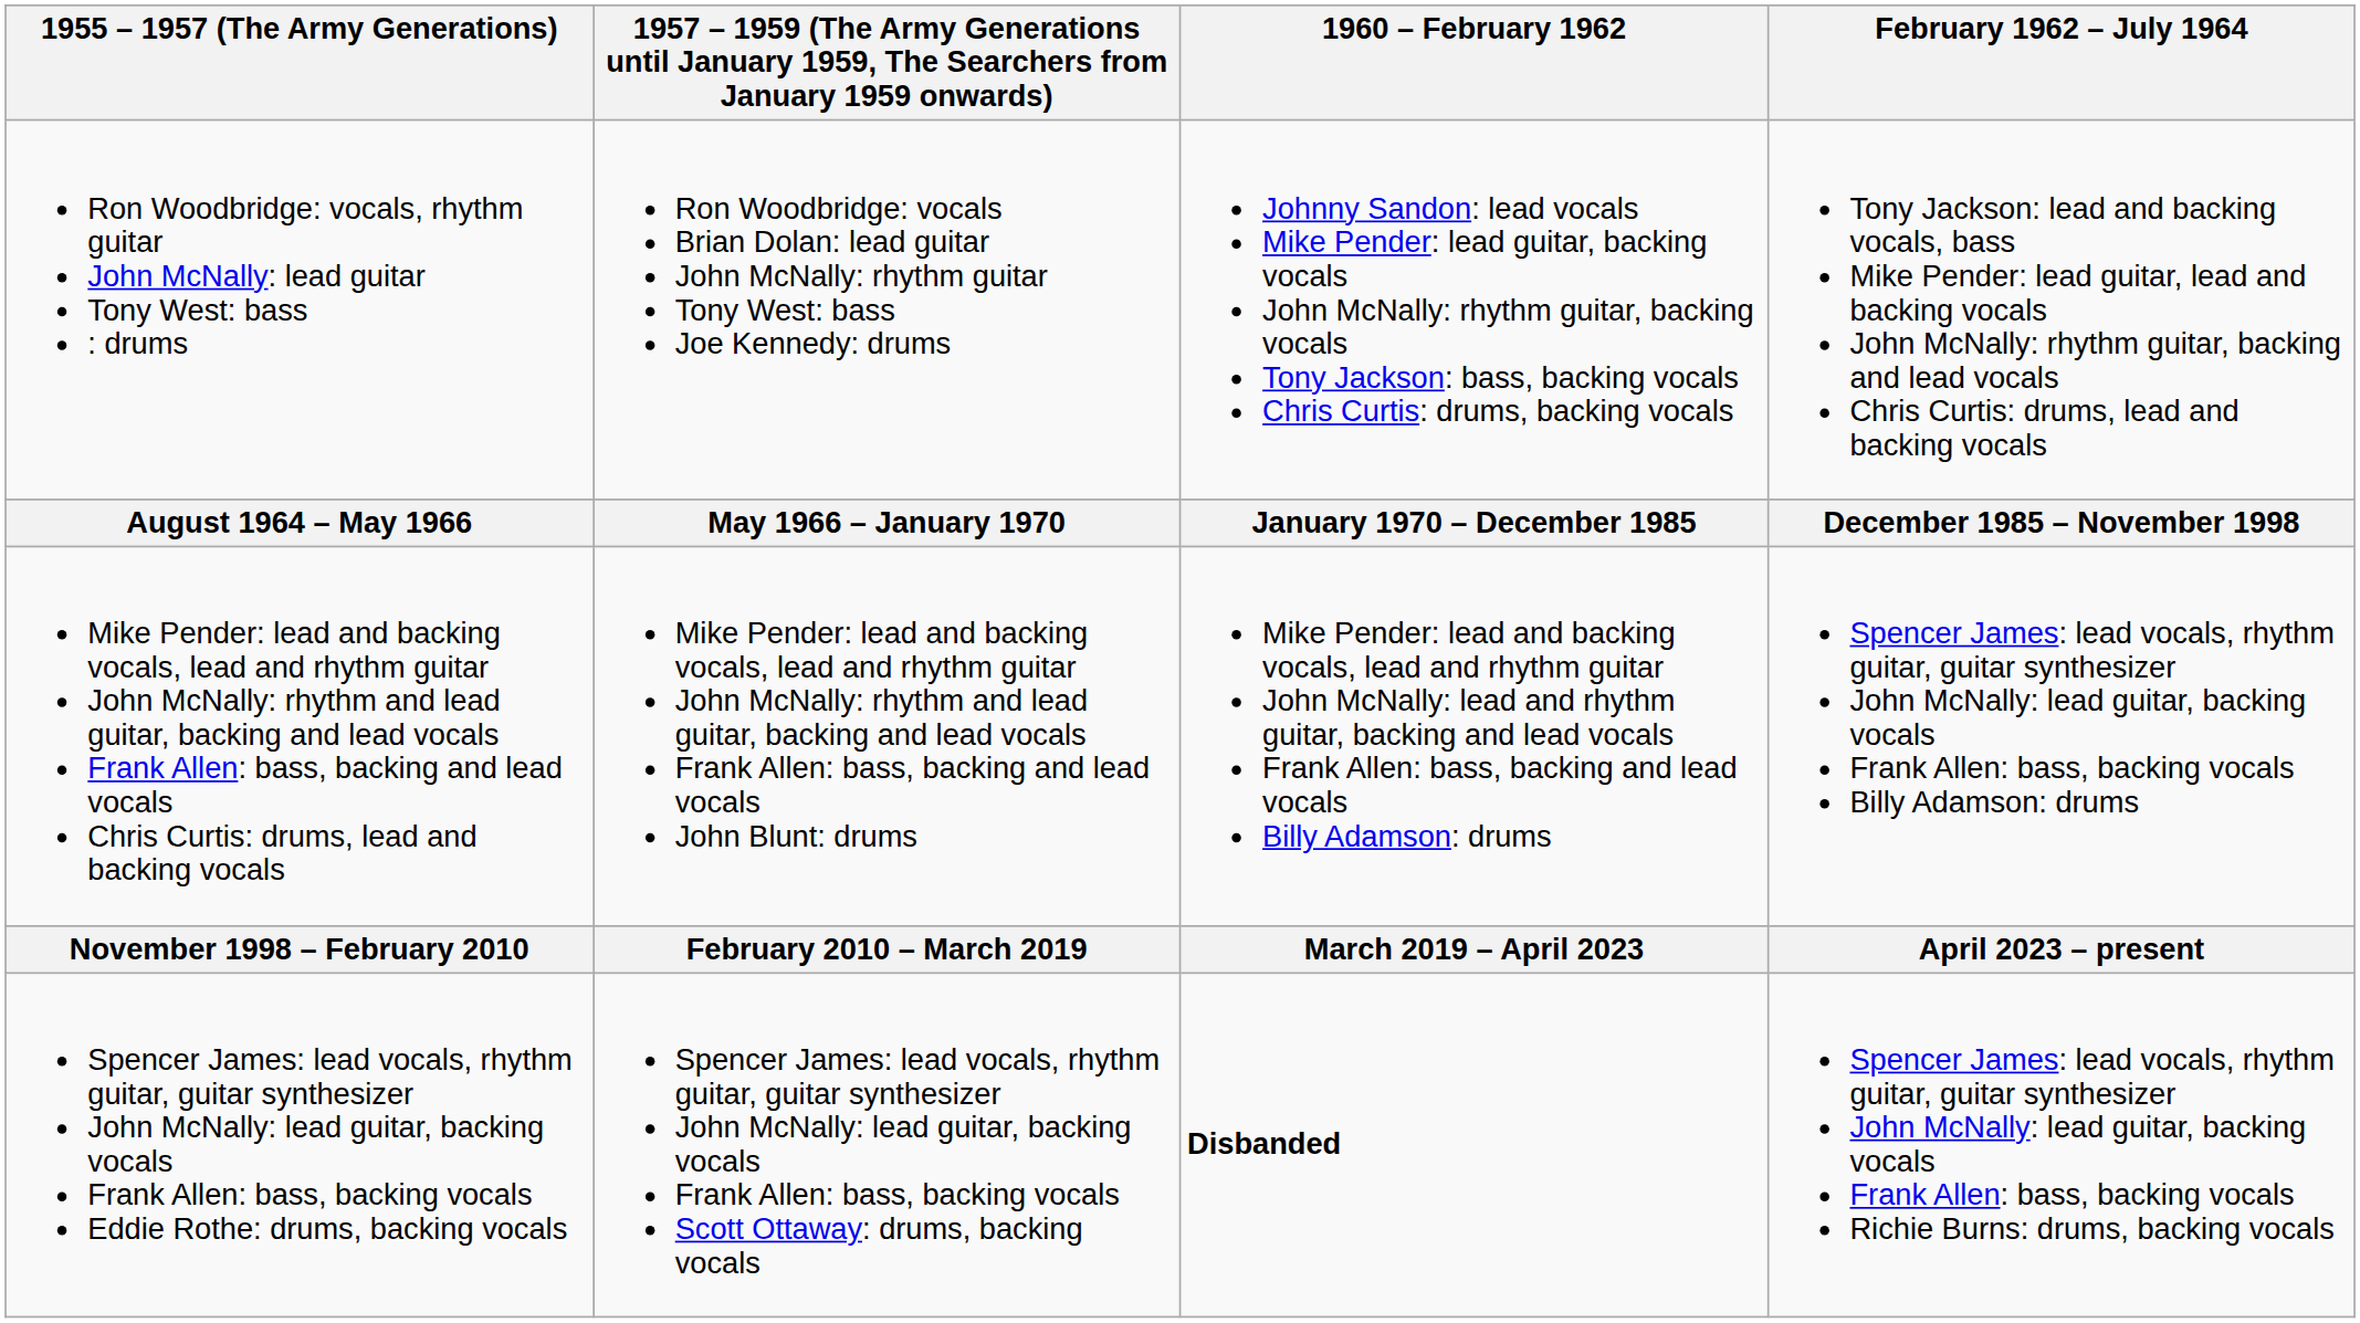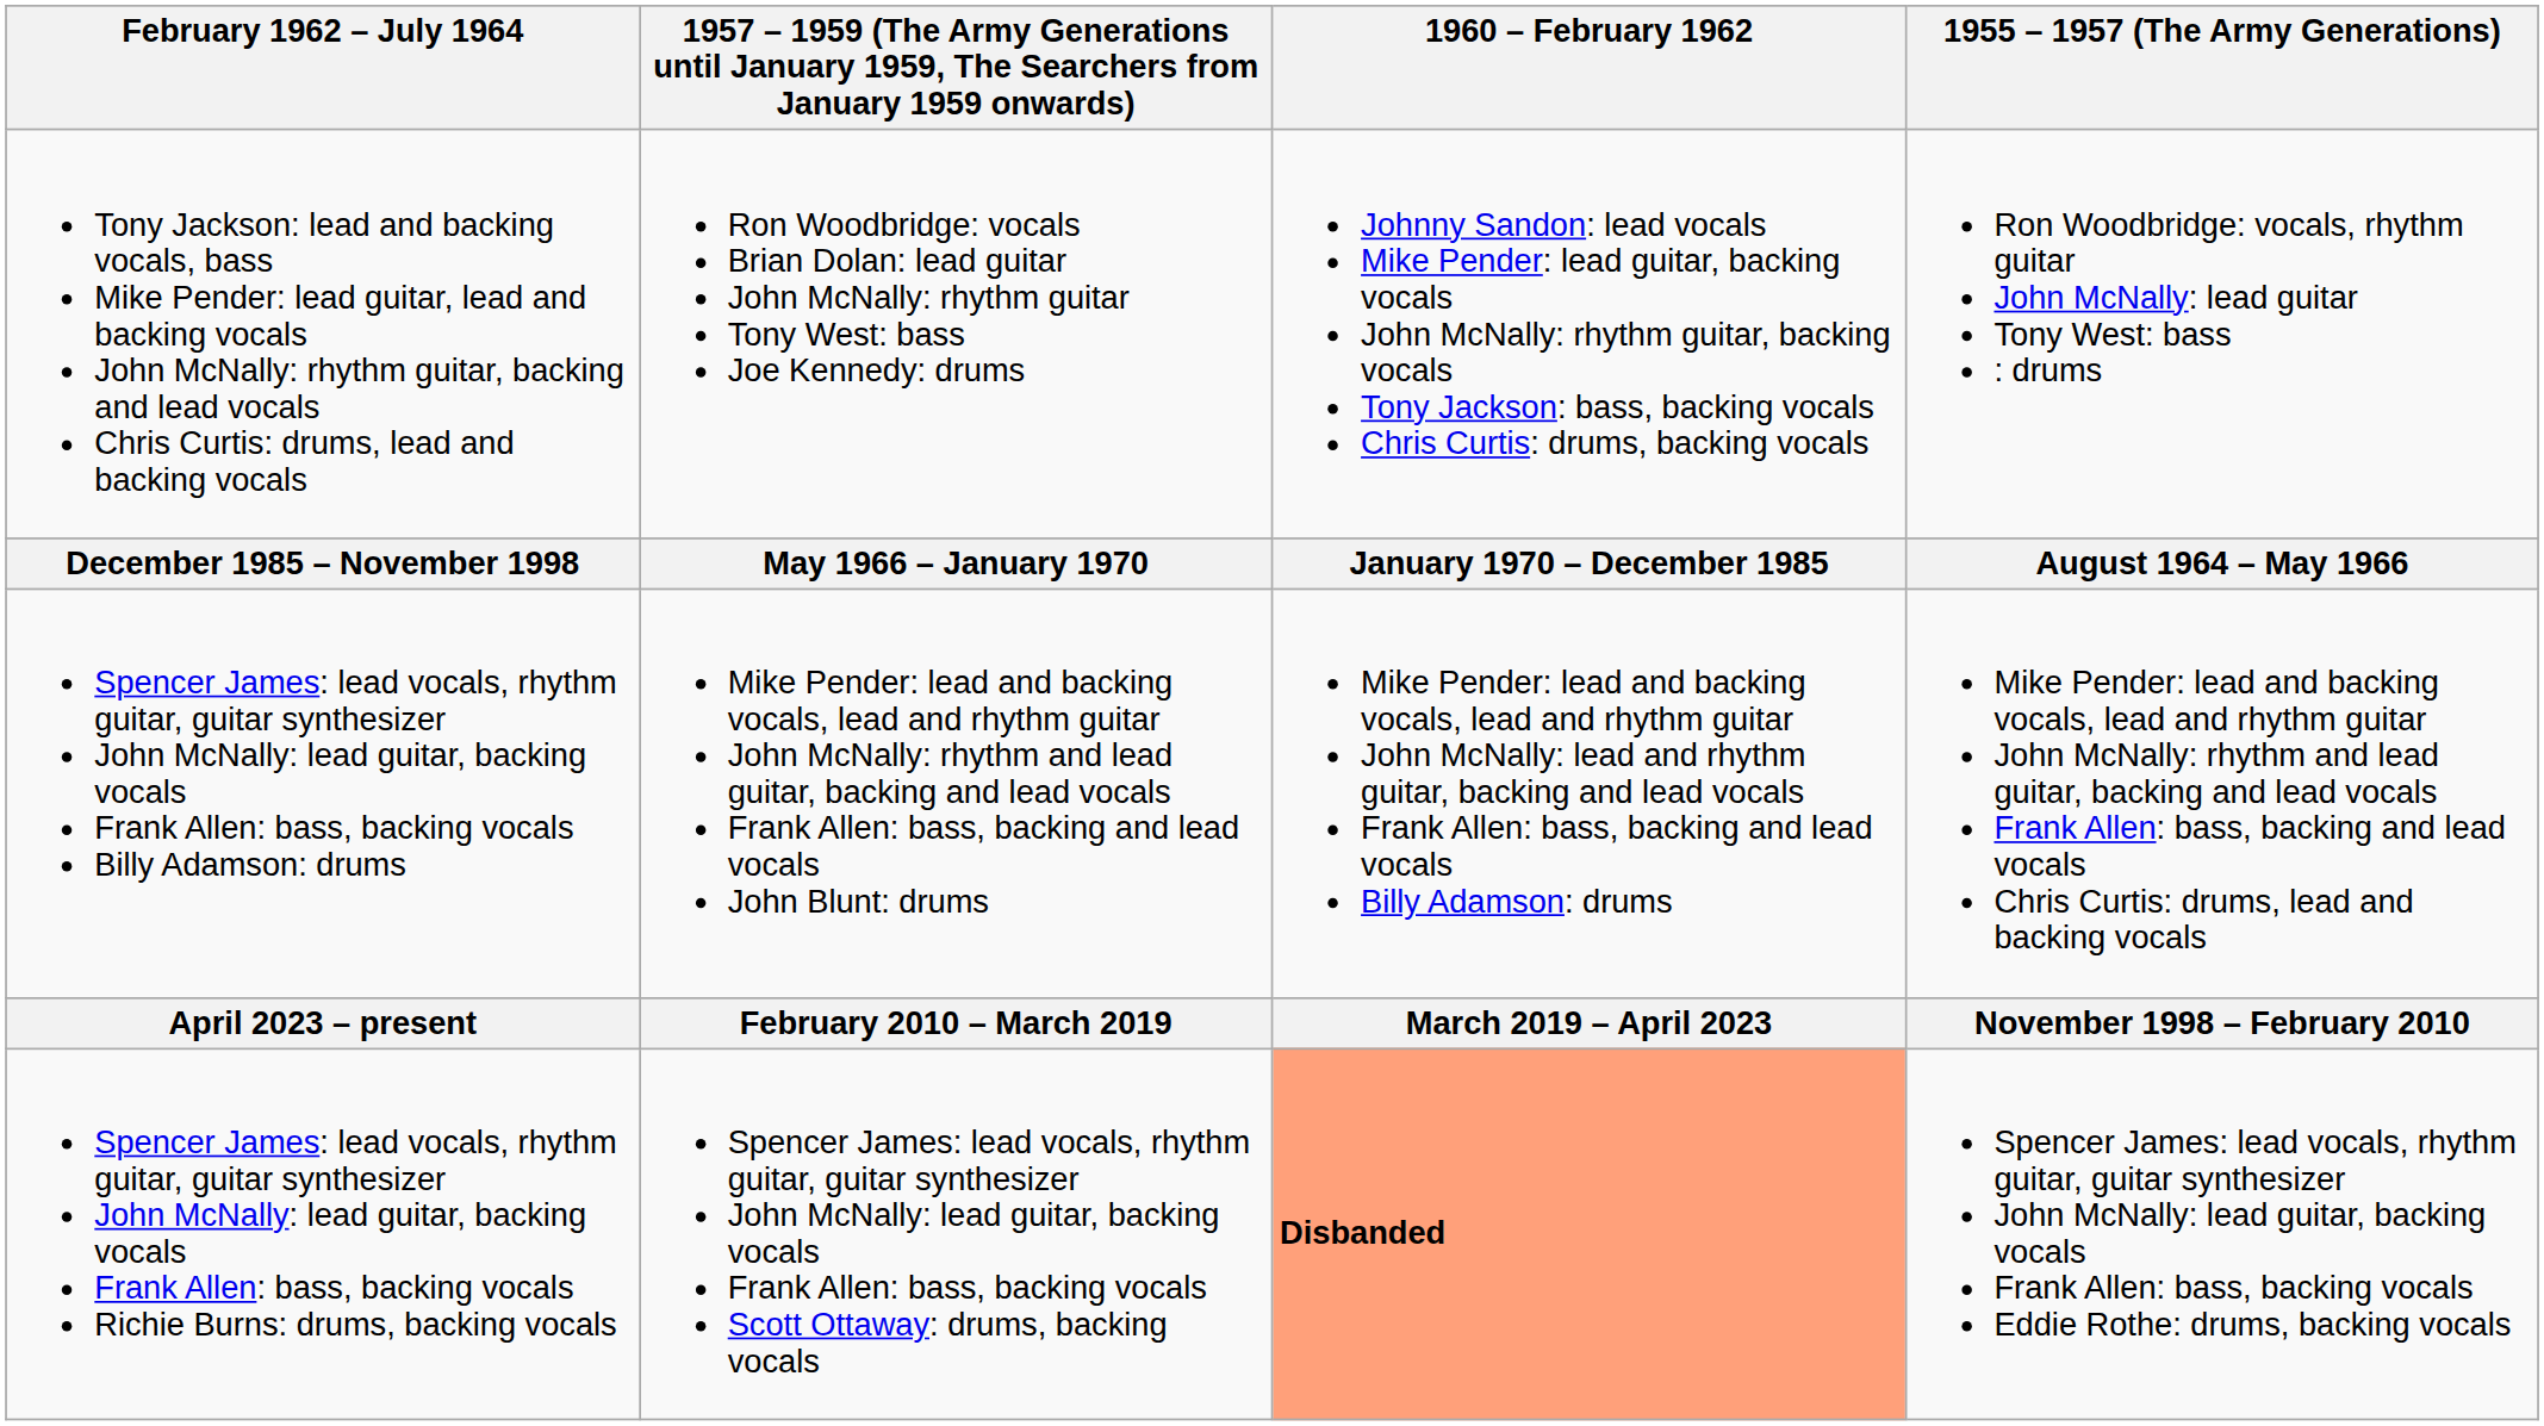 <table class="wikitable toccolours" border="1" cellpadding="2" cellspacing="0" style="float: width: 375px; margin: 0 0 1em 1em; border-collapse: collapse; border: 1px solid #E2E2E2;" width="99%">
 <tr>
-<th bgcolor="#E7EBEE" valign="top" width="25%"><strong>1955 – 1957 (The Army Generations)</strong></th>
+<th bgcolor="#E7EBEE" valign="top" width="25%"><strong>February 1962 – July 1964</strong></th>
 <th bgcolor="#E7EBEE" valign="top" width="25%"><strong>1957 – 1959 (The Army Generations until January 1959, The Searchers from January 1959 onwards) </strong></th>
 <th bgcolor="#E7EBEE" valign="top" width="25%"><strong>1960 – February 1962</strong></th>
-<th bgcolor="#E7EBEE" valign="top" width="25%"><strong>February 1962 – July 1964</strong></th>
+<th bgcolor="#E7EBEE" valign="top" width="25%"><strong>1955 – 1957 (The Army Generations)</strong></th>
 </tr>
 <tr>
-<td valign="top"><br><ul><li>Ron Woodbridge: vocals, rhythm guitar</li><li><a href='#'>John McNally</a>: lead guitar</li><li>Tony West: bass</li><li>: drums</li></ul></td>
+<td valign="top"><br><ul><li>Tony Jackson: lead and backing vocals, bass</li><li>Mike Pender: lead guitar, lead and backing vocals</li><li>John McNally: rhythm guitar, backing and lead vocals</li><li>Chris Curtis: drums, lead and backing vocals</li></ul></td>
 <td valign="top"><br><ul><li>Ron Woodbridge: vocals</li><li>Brian Dolan: lead guitar</li><li>John McNally: rhythm guitar</li><li>Tony West: bass</li><li>Joe Kennedy: drums</li></ul></td>
 <td valign="top"><br><ul><li><a href='#'>Johnny Sandon</a>: lead vocals</li><li><a href='#'>Mike Pender</a>: lead guitar, backing vocals</li><li>John McNally: rhythm guitar, backing vocals</li><li><a href='#'>Tony Jackson</a>: bass, backing vocals</li><li><a href='#'>Chris Curtis</a>: drums, backing vocals</li></ul></td>
-<td valign="top"><br><ul><li>Tony Jackson: lead and backing vocals, bass</li><li>Mike Pender: lead guitar, lead and backing vocals</li><li>John McNally: rhythm guitar, backing and lead vocals</li><li>Chris Curtis: drums, lead and backing vocals</li></ul></td>
+<td valign="top"><br><ul><li>Ron Woodbridge: vocals, rhythm guitar</li><li><a href='#'>John McNally</a>: lead guitar</li><li>Tony West: bass</li><li>: drums</li></ul></td>
 </tr>
 <tr>
-<th bgcolor="#E7EBEE" valign="top" width="25%"><strong>August 1964 – May 1966</strong></th>
+<th bgcolor="#E7EBEE" valign="top" width="25%"><strong>December 1985 – November 1998</strong></th>
 <th bgcolor="#E7EBEE" valign="top" width="25%"><strong>May 1966 – January 1970</strong></th>
 <th bgcolor="#E7EBEE" valign="top" width="25%"><strong>January 1970 – December 1985</strong></th>
-<th bgcolor="#E7EBEE" valign="top" width="25%"><strong>December 1985 – November 1998</strong></th>
+<th bgcolor="#E7EBEE" valign="top" width="25%"><strong>August 1964 – May 1966</strong></th>
 </tr>
 <tr>
-<td valign="top"><br><ul><li>Mike Pender: lead and backing vocals, lead and rhythm guitar</li><li>John McNally: rhythm and lead guitar, backing and lead vocals</li><li><a href='#'>Frank Allen</a>:  bass, backing and lead vocals</li><li>Chris Curtis: drums, lead and backing vocals</li></ul></td>
+<td valign="top"><br><ul><li><a href='#'>Spencer James</a>: lead vocals, rhythm guitar, guitar synthesizer</li><li>John McNally: lead guitar, backing vocals</li><li>Frank Allen: bass, backing vocals</li><li>Billy Adamson: drums</li></ul></td>
 <td valign="top"><br><ul><li>Mike Pender: lead and backing vocals, lead and rhythm guitar</li><li>John McNally: rhythm and lead guitar, backing and lead vocals</li><li>Frank Allen: bass, backing and lead vocals</li><li>John Blunt: drums</li></ul></td>
 <td valign="top"><br><ul><li>Mike Pender: lead and backing vocals, lead and rhythm guitar</li><li>John McNally: lead and rhythm guitar, backing and lead vocals</li><li>Frank Allen: bass, backing and lead vocals</li><li><a href='#'>Billy Adamson</a>: drums</li></ul></td>
-<td valign="top"><br><ul><li><a href='#'>Spencer James</a>: lead vocals, rhythm guitar, guitar synthesizer</li><li>John McNally: lead guitar, backing vocals</li><li>Frank Allen: bass, backing vocals</li><li>Billy Adamson: drums</li></ul></td>
+<td valign="top"><br><ul><li>Mike Pender: lead and backing vocals, lead and rhythm guitar</li><li>John McNally: rhythm and lead guitar, backing and lead vocals</li><li><a href='#'>Frank Allen</a>:  bass, backing and lead vocals</li><li>Chris Curtis: drums, lead and backing vocals</li></ul></td>
 </tr>
 <tr>
-<th bgcolor="#E7EBEE" valign="top" width="25%"><strong>November 1998 – February 2010</strong></th>
+<th bgcolor="#E7EBEE" valign="top" width="25%"><strong>April 2023 – present</strong></th>
 <th bgcolor="#E7EBEE" valign="top" width="25%"><strong>February 2010 – March 2019</strong></th>
 <th bgcolor="#E7EBEE" valign="top" width="25%"><strong>March 2019 – April 2023</strong></th>
-<th bgcolor="#E7EBEE" valign="top" width="25%"><strong>April 2023 – present</strong></th>
+<th bgcolor="#E7EBEE" valign="top" width="25%"><strong>November 1998 – February 2010</strong></th>
 </tr>
 <tr>
+<td valign="top"><br><ul><li><a href='#'>Spencer James</a>: lead vocals, rhythm guitar, guitar synthesizer</li><li><a href='#'>John McNally</a>: lead guitar, backing vocals</li><li><a href='#'>Frank Allen</a>: bass, backing vocals</li><li>Richie Burns: drums, backing vocals</li></ul></td>
+<td valign="top"><br><ul><li>Spencer James: lead vocals, rhythm guitar, guitar synthesizer</li><li>John McNally: lead guitar, backing vocals</li><li>Frank Allen: bass, backing vocals</li><li><a href='#'>Scott Ottaway</a>: drums, backing vocals</li></ul></td>
+<td style="background: lightsalmon;"><strong>Disbanded</strong></td>
 <td valign="top"><br><ul><li>Spencer James: lead vocals, rhythm guitar, guitar synthesizer</li><li>John McNally: lead guitar, backing vocals</li><li>Frank Allen: bass, backing vocals</li><li>Eddie Rothe: drums, backing vocals</li></ul></td>
-<td valign="top"><br><ul><li>Spencer James: lead vocals, rhythm guitar, guitar synthesizer</li><li>John McNally: lead guitar, backing vocals</li><li>Frank Allen: bass, backing vocals</li><li><a href='#'>Scott Ottaway</a>: drums, backing vocals</li></ul></td>
-<td><strong>Disbanded</strong></td>
-<td valign="top"><br><ul><li><a href='#'>Spencer James</a>: lead vocals, rhythm guitar, guitar synthesizer</li><li><a href='#'>John McNally</a>: lead guitar, backing vocals</li><li><a href='#'>Frank Allen</a>: bass, backing vocals</li><li>Richie Burns: drums, backing vocals</li></ul></td>
 </tr>
 </table>
